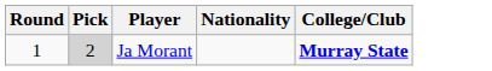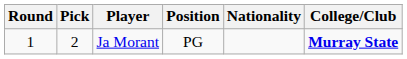 <table class="wikitable sortable sortable" style="text-align: center">
 <tr>
 <th>Round</th>
 <th>Pick</th>
 <th>Player</th>
+<th>Position</th>
 <th>Nationality</th>
 <th>College/Club</th>
 </tr>
 <tr>
 <td>1</td>
-<td style="background: lightgrey;">2</td>
+<td>2</td>
 <td><a href='#'>Ja Morant</a></td>
+<td>PG</td>
 <td></td>
 <td><strong><a href='#'>Murray State</a></strong></td>
 </tr>
 </table>
